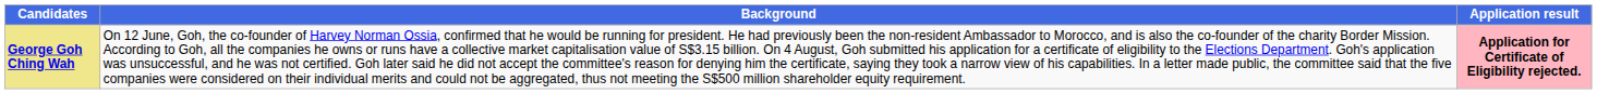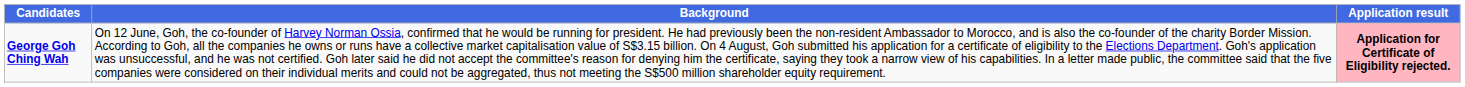 <table class="wikitable">
 <tr>
 <th style="background: RoyalBlue; color: white;">Candidates</th>
 <th style="background: RoyalBlue; color: white;">Background</th>
 <th style="background: RoyalBlue; color: white;">Application result</th>
 </tr>
 <tr>
-<td style="background: khaki;"><strong><a href='#'>George Goh Ching Wah</a></strong></td>
+<td><strong><a href='#'>George Goh Ching Wah</a></strong></td>
 <td>On 12 June, Goh, the co-founder of <a href='#'>Harvey Norman Ossia</a>, confirmed that he would be running for president. He had previously been the non-resident Ambassador to Morocco, and is also the co-founder of the charity Border Mission. According to Goh, all the companies he owns or runs have a collective market capitalisation value of S$3.15 billion. On 4 August, Goh submitted his application for a certificate of eligibility to the <a href='#'>Elections Department</a>. Goh's application was unsuccessful, and he was not certified. Goh later said he did not accept the committee's reason for denying him the certificate, saying they took a narrow view of his capabilities. In a letter made public, the committee said that the five companies were considered on their individual merits and could not be aggregated, thus not meeting the S$500 million shareholder equity requirement.</td>
 <th style="background: lightpink" ;>Application for Certificate of Eligibility rejected.</th>
 </tr>
 </table>
